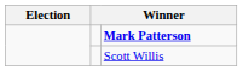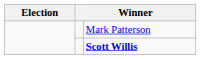 <table class=wikitable>
 <tr>
 <th width=100>Election</th>
 <th width=175 colspan=2>Winner</th>
 </tr>
 <tr>
 <td rowspan=2></td>
 <td width=5 bgcolor=></td>
-<td><strong><a href='#'>Mark Patterson</a></strong></td>
+<td><a href='#'>Mark Patterson</a></td>
 </tr>
 <tr>
 <td width=5 bgcolor=></td>
-<td><a href='#'>Scott Willis</a></td>
+<td><strong><a href='#'>Scott Willis</a></strong></td>
 </tr>
 </table>
